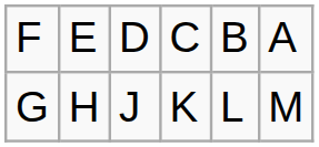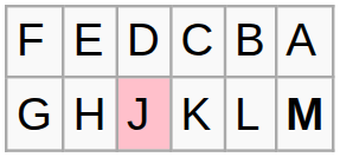 <table class="wikitable">
 <tr>
 <td>F</td>
 <td>E</td>
 <td>D</td>
 <td>C</td>
 <td>B</td>
 <td>A</td>
 </tr>
 <tr>
 <td>G</td>
 <td>H</td>
-<td>J</td>
+<td style="background: pink;">J</td>
 <td>K</td>
 <td>L</td>
-<td>M</td>
+<td><strong>M</strong></td>
 </tr>
 </table>
